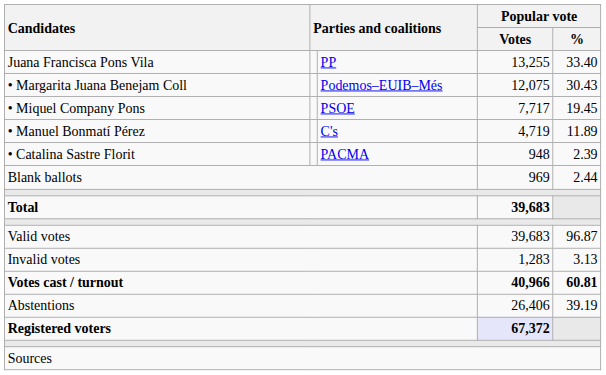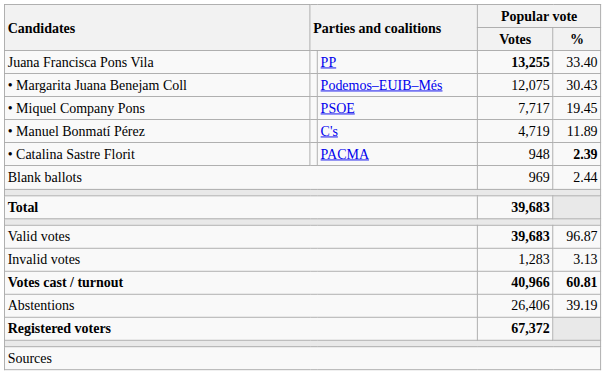 <table class="wikitable" style="text-align:right; font-size:95%;">
 <tr>
 <th style="text-align:left;" rowspan="2" width="325">Candidates</th>
 <th style="text-align:left;" rowspan="2" colspan="2" width="175">Parties and coalitions</th>
 <th colspan="2">Popular vote</th>
 </tr>
 <tr>
 <th width="75">Votes</th>
 <th width="45">%</th>
 </tr>
 <tr>
 <td align="left"> Juana Francisca Pons Vila</td>
 <td width="1" style="color:inherit;background:"></td>
 <td align="left"><a href='#'>PP</a></td>
-<td>13,255</td>
+<td><strong>13,255</strong></td>
 <td>33.40</td>
 </tr>
 <tr>
 <td align="left">• Margarita Juana Benejam Coll</td>
 <td style="color:inherit;background:"></td>
 <td align="left"><a href='#'>Podemos–EUIB–Més</a></td>
 <td>12,075</td>
 <td>30.43</td>
 </tr>
 <tr>
 <td align="left">• Miquel Company Pons</td>
 <td style="color:inherit;background:"></td>
 <td align="left"><a href='#'>PSOE</a></td>
 <td>7,717</td>
 <td>19.45</td>
 </tr>
 <tr>
 <td align="left">• Manuel Bonmatí Pérez</td>
 <td style="color:inherit;background:"></td>
 <td align="left"><a href='#'>C's</a></td>
 <td>4,719</td>
 <td>11.89</td>
 </tr>
 <tr>
 <td align="left">• Catalina Sastre Florit</td>
 <td style="color:inherit;background:"></td>
 <td align="left"><a href='#'>PACMA</a></td>
 <td>948</td>
-<td>2.39</td>
+<td><strong>2.39</strong></td>
 </tr>
 <tr>
 <td align="left" colspan="3">Blank ballots</td>
 <td>969</td>
 <td>2.44</td>
 </tr>
 <tr>
 <td colspan="5" bgcolor="#E9E9E9"></td>
 </tr>
 <tr style="font-weight:bold;">
 <td align="left" colspan="3">Total</td>
 <td>39,683</td>
 <td bgcolor="#E9E9E9"></td>
 </tr>
 <tr>
 <td colspan="5" bgcolor="#E9E9E9"></td>
 </tr>
 <tr>
 <td align="left" colspan="3">Valid votes</td>
-<td>39,683</td>
+<td><strong>39,683</strong></td>
 <td>96.87</td>
 </tr>
 <tr>
 <td align="left" colspan="3">Invalid votes</td>
 <td>1,283</td>
 <td>3.13</td>
 </tr>
 <tr style="font-weight:bold;">
 <td align="left" colspan="3">Votes cast / turnout</td>
 <td>40,966</td>
 <td>60.81</td>
 </tr>
 <tr>
 <td align="left" colspan="3">Abstentions</td>
 <td>26,406</td>
 <td>39.19</td>
 </tr>
 <tr style="font-weight:bold;">
 <td align="left" colspan="3">Registered voters</td>
-<td style="background: lavender;">67,372</td>
+<td>67,372</td>
 <td bgcolor="#E9E9E9"></td>
 </tr>
 <tr>
 <td colspan="5" bgcolor="#E9E9E9"></td>
 </tr>
 <tr>
 <td align="left" colspan="5">Sources</td>
 </tr>
 </table>
